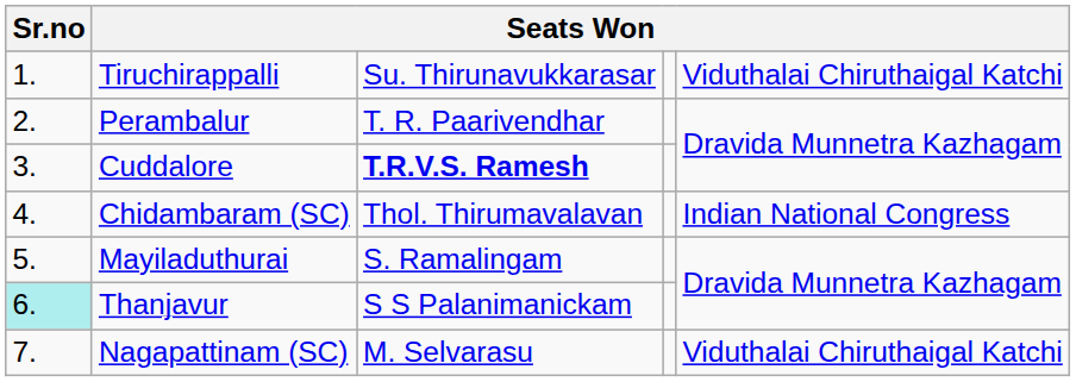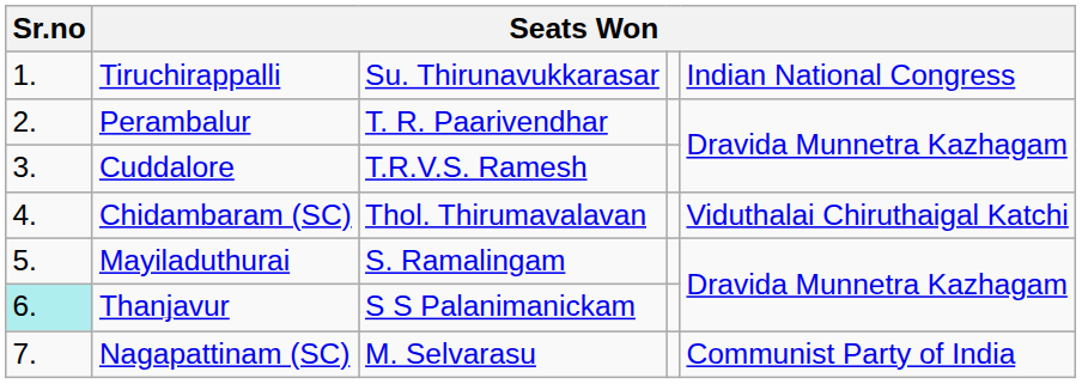 <table class="wikitable">
 <tr>
 <th>Sr.no</th>
 <th colspan="4">Seats Won</th>
 </tr>
 <tr>
 <td>1.</td>
 <td><a href='#'>Tiruchirappalli</a></td>
 <td><a href='#'>Su. Thirunavukkarasar</a></td>
 <td></td>
-<td><a href='#'>Viduthalai Chiruthaigal Katchi</a></td>
+<td><a href='#'>Indian National Congress</a></td>
 </tr>
 <tr>
 <td>2.</td>
 <td><a href='#'>Perambalur</a></td>
 <td><a href='#'>T. R. Paarivendhar</a></td>
 <td></td>
 <td rowspan=2><a href='#'>Dravida Munnetra Kazhagam</a></td>
 </tr>
 <tr>
 <td>3.</td>
 <td><a href='#'>Cuddalore</a></td>
-<td><strong><a href='#'>T.R.V.S. Ramesh</a></strong></td>
+<td><a href='#'>T.R.V.S. Ramesh</a></td>
 <td></td>
 </tr>
 <tr>
 <td>4.</td>
 <td><a href='#'>Chidambaram (SC)</a></td>
 <td><a href='#'>Thol. Thirumavalavan</a></td>
 <td></td>
-<td><a href='#'>Indian National Congress</a></td>
+<td><a href='#'>Viduthalai Chiruthaigal Katchi</a></td>
 </tr>
 <tr>
 <td>5.</td>
 <td><a href='#'>Mayiladuthurai</a></td>
 <td><a href='#'>S. Ramalingam</a></td>
 <td></td>
 <td rowspan=2><a href='#'>Dravida Munnetra Kazhagam</a></td>
 </tr>
 <tr>
 <td style="background: paleturquoise;">6.</td>
 <td><a href='#'>Thanjavur</a></td>
 <td><a href='#'>S S Palanimanickam</a></td>
 <td></td>
 </tr>
 <tr>
 <td>7.</td>
 <td><a href='#'>Nagapattinam (SC)</a></td>
 <td><a href='#'>M. Selvarasu</a></td>
 <td></td>
-<td><a href='#'>Viduthalai Chiruthaigal Katchi</a></td>
+<td><a href='#'>Communist Party of India</a></td>
 </tr>
 </table>
